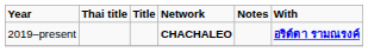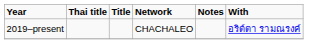 <table class="wikitable" style="font-size: 85%;">
 <tr>
 <td><strong>Year</strong></td>
 <td><strong>Thai title</strong></td>
 <td><strong>Title</strong></td>
 <td><strong>Network</strong></td>
 <td><strong>Notes</strong></td>
 <td><strong>With</strong></td>
 </tr>
 <tr>
 <td rowspan="1">2019–present</td>
 <td><em> </em></td>
 <td><em> </em></td>
-<td><strong>CHACHALEO</strong></td>
+<td>CHACHALEO</td>
 <td></td>
-<td><strong><a href='#'>อริต์ตา รามณรงค์</a></strong></td>
+<td><a href='#'>อริต์ตา รามณรงค์</a></td>
 </tr>
 <tr>
 </tr>
 </table>
